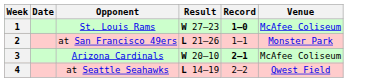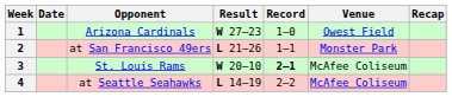 <table class="wikitable" style="text-align:center">
 <tr>
 <th>Week</th>
 <th>Date</th>
 <th>Opponent</th>
 <th>Result</th>
 <th>Record</th>
 <th>Venue</th>
+<th>Recap</th>
 </tr>
 <tr style="background:#cfc">
 <th>1</th>
 <td></td>
-<td><a href='#'>St. Louis Rams</a></td>
+<td><a href='#'>Arizona Cardinals</a></td>
 <td><strong>W</strong> 27–23</td>
-<td><strong>1–0</strong></td>
-<td><a href='#'>McAfee Coliseum</a></td>
+<td>1–0</td>
+<td><a href='#'>Qwest Field</a></td>
+<td></td>
 </tr>
 <tr style="background:#fcc">
 <th>2</th>
 <td></td>
 <td>at <a href='#'>San Francisco 49ers</a></td>
 <td><strong>L</strong> 21–26</td>
 <td>1–1</td>
 <td><a href='#'>Monster Park</a></td>
+<td></td>
 </tr>
 <tr style="background:#cfc">
 <th>3</th>
 <td></td>
-<td><a href='#'>Arizona Cardinals</a></td>
+<td><a href='#'>St. Louis Rams</a></td>
 <td><strong>W</strong> 20–10</td>
 <td><strong>2–1</strong></td>
 <td>McAfee Coliseum</td>
+<td></td>
 </tr>
 <tr style="background:#fcc">
 <th>4</th>
 <td></td>
 <td>at <a href='#'>Seattle Seahawks</a></td>
 <td><strong>L</strong> 14–19</td>
 <td>2–2</td>
-<td><a href='#'>Qwest Field</a></td>
+<td><a href='#'>McAfee Coliseum</a></td>
+<td></td>
 </tr>
 </table>
